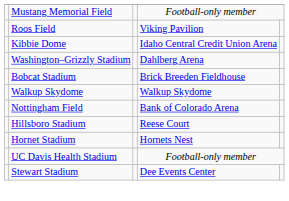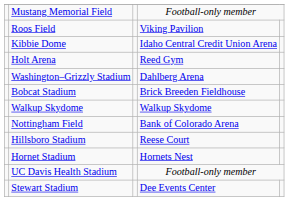 <table class="wikitable sortable">
 <tr>
 </tr>
 <tr>
 <td style="text-align:center; "><a href='#'></a></td>
 <td><a href='#'>Mustang Memorial Field</a></td>
 <td></td>
 <td colspan=2 align=center><em>Football-only member</em></td>
 </tr>
 <tr>
 <td style="text-align:center; "><a href='#'></a></td>
 <td><a href='#'>Roos Field</a></td>
 <td></td>
 <td><a href='#'>Viking Pavilion</a></td>
 <td></td>
 </tr>
 <tr>
 <td style="text-align:center; "><a href='#'></a></td>
 <td><a href='#'>Kibbie Dome</a></td>
 <td></td>
 <td><a href='#'>Idaho Central Credit Union Arena</a></td>
+<td></td>
+</tr>
+<tr>
+<td style="text-align:center; "><a href='#'></a></td>
+<td><a href='#'>Holt Arena</a></td>
+<td></td>
+<td><a href='#'>Reed Gym</a></td>
 <td></td>
 </tr>
 <tr>
 <td style="text-align:center; "><a href='#'></a></td>
 <td><a href='#'>Washington–Grizzly Stadium</a></td>
 <td></td>
 <td><a href='#'>Dahlberg Arena</a></td>
 <td></td>
 </tr>
 <tr>
 <td style="text-align:center; "><a href='#'></a></td>
 <td><a href='#'>Bobcat Stadium</a></td>
 <td></td>
 <td><a href='#'>Brick Breeden Fieldhouse</a></td>
 <td></td>
 </tr>
 <tr>
 <td style="text-align:center; "><a href='#'></a></td>
 <td><a href='#'>Walkup Skydome</a></td>
 <td></td>
 <td><a href='#'>Walkup Skydome</a></td>
 <td></td>
 </tr>
 <tr>
 <td style="text-align:center; "><a href='#'></a></td>
 <td><a href='#'>Nottingham Field</a></td>
 <td></td>
 <td><a href='#'>Bank of Colorado Arena</a></td>
 <td></td>
 </tr>
 <tr>
 <td style="text-align:center; "><a href='#'></a></td>
 <td><a href='#'>Hillsboro Stadium</a></td>
 <td></td>
 <td><a href='#'>Reese Court</a></td>
 <td></td>
 </tr>
 <tr>
 <td style="text-align:center; "><a href='#'></a></td>
 <td><a href='#'>Hornet Stadium</a></td>
 <td></td>
 <td><a href='#'>Hornets Nest</a></td>
 <td></td>
 </tr>
 <tr>
 <td style="text-align:center; "><a href='#'></a></td>
 <td><a href='#'>UC Davis Health Stadium</a></td>
 <td></td>
 <td colspan=2 align=center><em>Football-only member</em></td>
 </tr>
 <tr>
 <td style="text-align:center; "><a href='#'></a></td>
 <td><a href='#'>Stewart Stadium</a></td>
 <td></td>
 <td><a href='#'>Dee Events Center</a></td>
 <td></td>
 </tr>
 </table>
